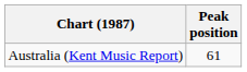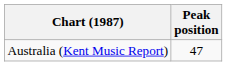 <table class="wikitable">
 <tr>
 <th scope="col">Chart (1987)</th>
 <th>Peak<br>position</th>
 </tr>
 <tr>
 <td>Australia (<a href='#'>Kent Music Report</a>)</td>
-<td style="text-align:center;">61</td>
+<td style="text-align:center;">47</td>
 </tr>
 </table>
